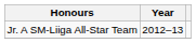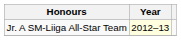 <table class="wikitable">
 <tr>
 <th>Honours</th>
 <th>Year</th>
 <th></th>
 </tr>
 <tr>
 <td>Jr. A SM-Liiga All-Star Team</td>
-<td>2012–13</td>
+<td style="background: lightyellow;">2012–13</td>
 <td></td>
 </tr>
 <tr>
 </tr>
 </table>
